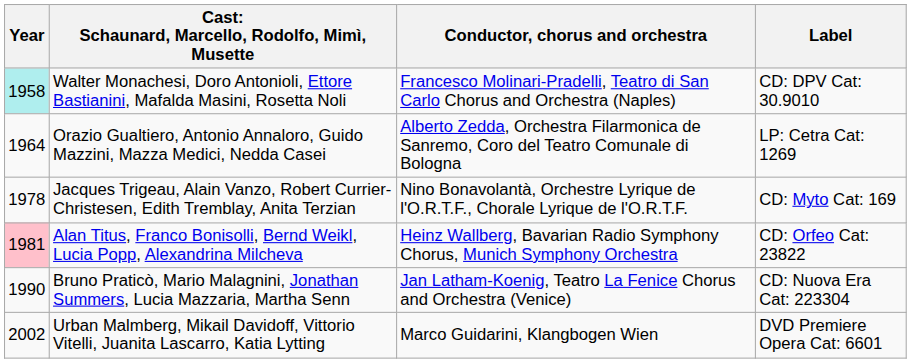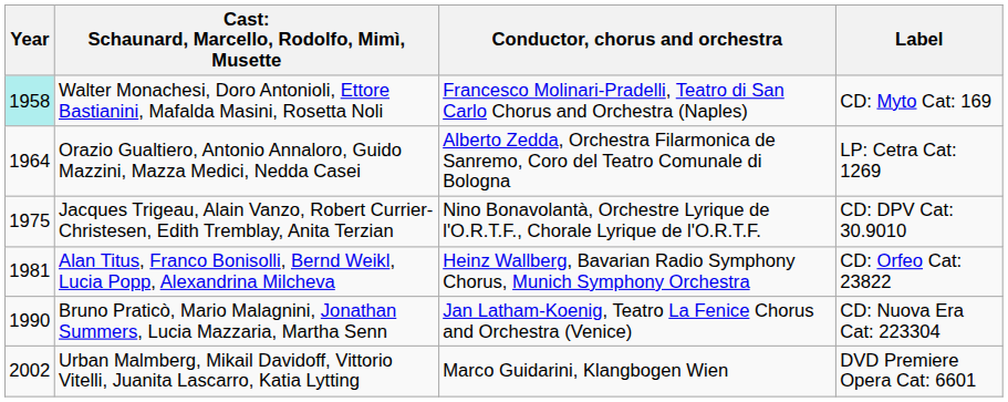 <table class="wikitable">
 <tr>
 <th>Year</th>
 <th>Cast:<br>Schaunard, Marcello, Rodolfo, Mimì, Musette</th>
 <th>Conductor, chorus and orchestra</th>
 <th>Label</th>
 </tr>
 <tr>
 <td style="background: paleturquoise;">1958</td>
 <td>Walter Monachesi, Doro Antonioli, <a href='#'>Ettore Bastianini</a>, Mafalda Masini, Rosetta Noli</td>
 <td><a href='#'>Francesco Molinari-Pradelli</a>, <a href='#'>Teatro di San Carlo</a> Chorus and Orchestra (Naples)</td>
-<td>CD: DPV Cat: 30.9010</td>
+<td>CD: <a href='#'>Myto</a> Cat: 169</td>
 </tr>
 <tr>
 <td>1964</td>
 <td>Orazio Gualtiero, Antonio Annaloro, Guido Mazzini, Mazza Medici, Nedda Casei</td>
 <td><a href='#'>Alberto Zedda</a>, Orchestra Filarmonica de Sanremo, Coro del Teatro Comunale di Bologna</td>
 <td>LP: Cetra Cat: 1269</td>
 </tr>
 <tr>
-<td>1978</td>
+<td>1975</td>
 <td>Jacques Trigeau, Alain Vanzo, Robert Currier-Christesen, Edith Tremblay, Anita Terzian</td>
 <td>Nino Bonavolantà, Orchestre Lyrique de l'O.R.T.F., Chorale Lyrique de l'O.R.T.F.</td>
-<td>CD: <a href='#'>Myto</a> Cat: 169</td>
+<td>CD: DPV Cat: 30.9010</td>
 </tr>
 <tr>
-<td style="background: pink;">1981</td>
+<td>1981</td>
 <td><a href='#'>Alan Titus</a>, <a href='#'>Franco Bonisolli</a>, <a href='#'>Bernd Weikl</a>, <a href='#'>Lucia Popp</a>, <a href='#'>Alexandrina Milcheva</a></td>
 <td><a href='#'>Heinz Wallberg</a>, Bavarian Radio Symphony Chorus, <a href='#'>Munich Symphony Orchestra</a></td>
 <td>CD: <a href='#'>Orfeo</a> Cat: 23822</td>
 </tr>
 <tr>
 <td>1990</td>
 <td>Bruno Praticò, Mario Malagnini, <a href='#'>Jonathan Summers</a>, Lucia Mazzaria, Martha Senn</td>
 <td><a href='#'>Jan Latham-Koenig</a>, Teatro <a href='#'>La Fenice</a> Chorus and Orchestra (Venice)</td>
 <td>CD: Nuova Era Cat: 223304</td>
 </tr>
 <tr>
 <td>2002</td>
 <td>Urban Malmberg, Mikail Davidoff, Vittorio Vitelli, Juanita Lascarro, Katia Lytting</td>
 <td>Marco Guidarini, Klangbogen Wien</td>
 <td>DVD Premiere Opera Cat: 6601</td>
 </tr>
 </table>
